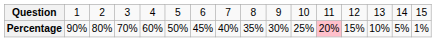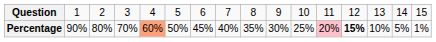 <table class="wikitable" style="text-align:center;">
 <tr>
 <th>Question</th>
 <td>1</td>
 <td>2</td>
 <td>3</td>
 <td>4</td>
 <td>5</td>
 <td>6</td>
 <td>7</td>
 <td>8</td>
 <td>9</td>
 <td>10</td>
 <td>11</td>
 <td>12</td>
 <td>13</td>
 <td>14</td>
 <td>15</td>
 </tr>
 <tr>
 <th>Percentage</th>
 <td>90%</td>
 <td>80%</td>
 <td>70%</td>
-<td>60%</td>
+<td style="background: lightsalmon;">60%</td>
 <td>50%</td>
 <td>45%</td>
 <td>40%</td>
 <td>35%</td>
 <td>30%</td>
 <td>25%</td>
 <td style="background: pink;">20%</td>
-<td>15%</td>
+<td><strong>15%</strong></td>
 <td>10%</td>
 <td>5%</td>
 <td>1%</td>
 </tr>
 </table>
